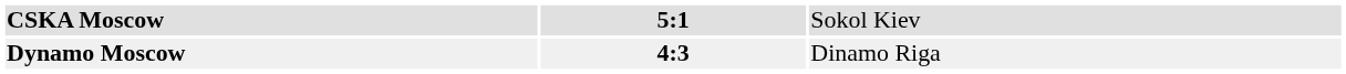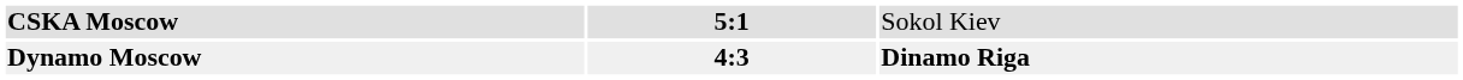 <table width="70%">
 <tr bgcolor="#e0e0e0">
 <td style="width:40%;"><strong>CSKA Moscow</strong></td>
 <th style="width:20%;"><strong>5:1</strong></th>
 <td style="width:40%;">Sokol Kiev</td>
 </tr>
 <tr bgcolor="#f0f0f0">
 <td><strong>Dynamo Moscow</strong></td>
 <td align="center"><strong>4:3</strong></td>
-<td>Dinamo Riga</td>
+<td><strong>Dinamo Riga</strong></td>
 </tr>
 </table>
